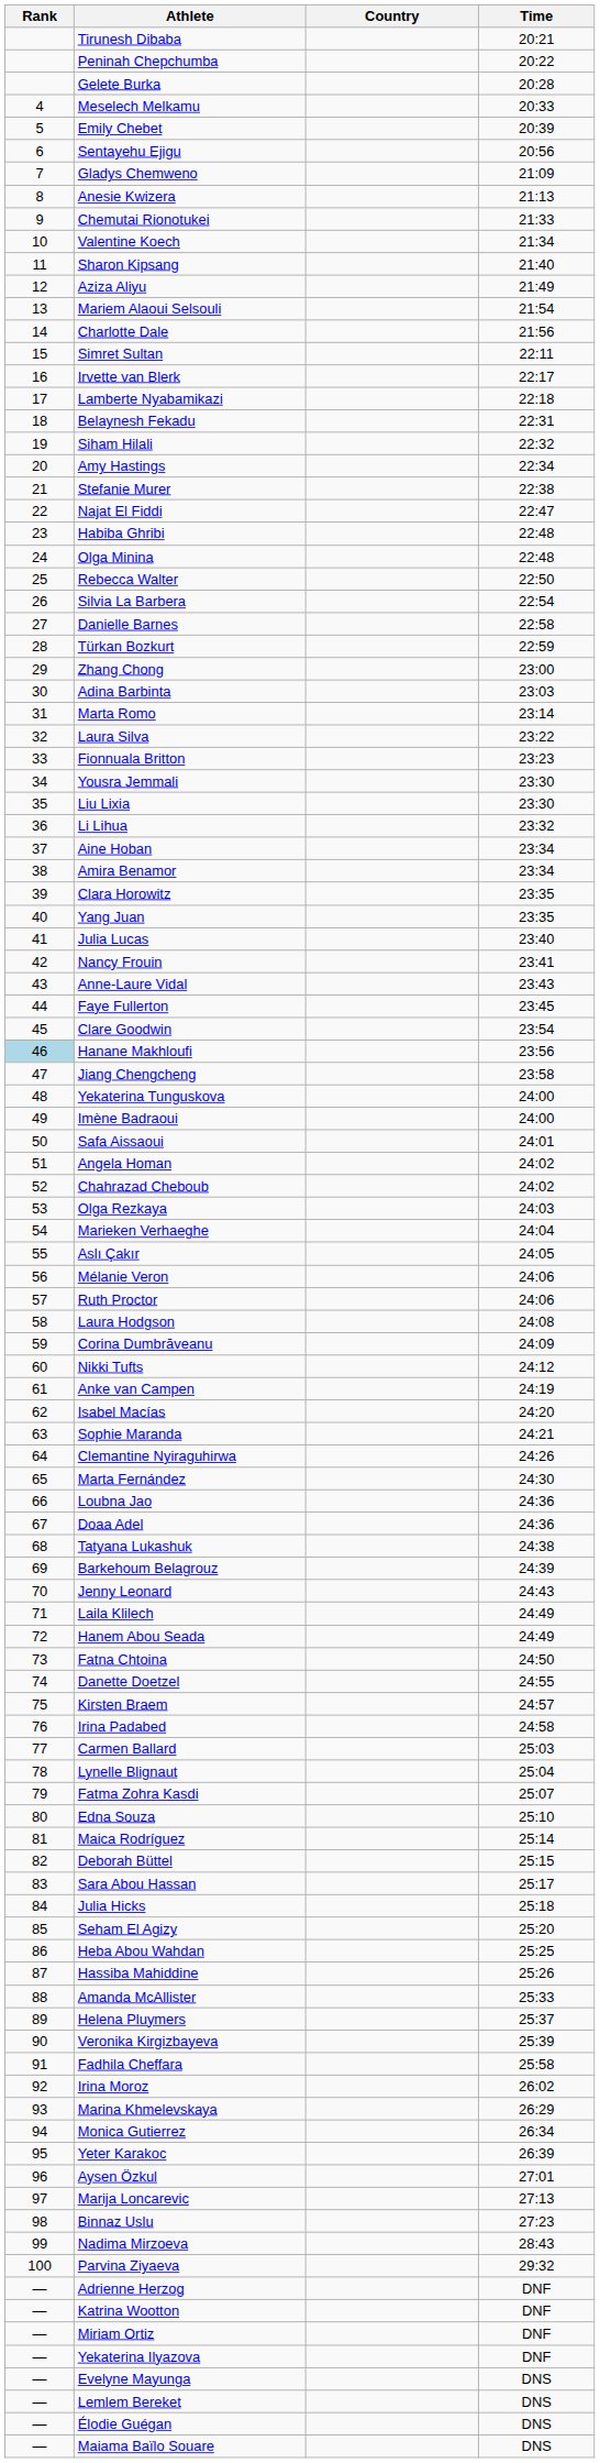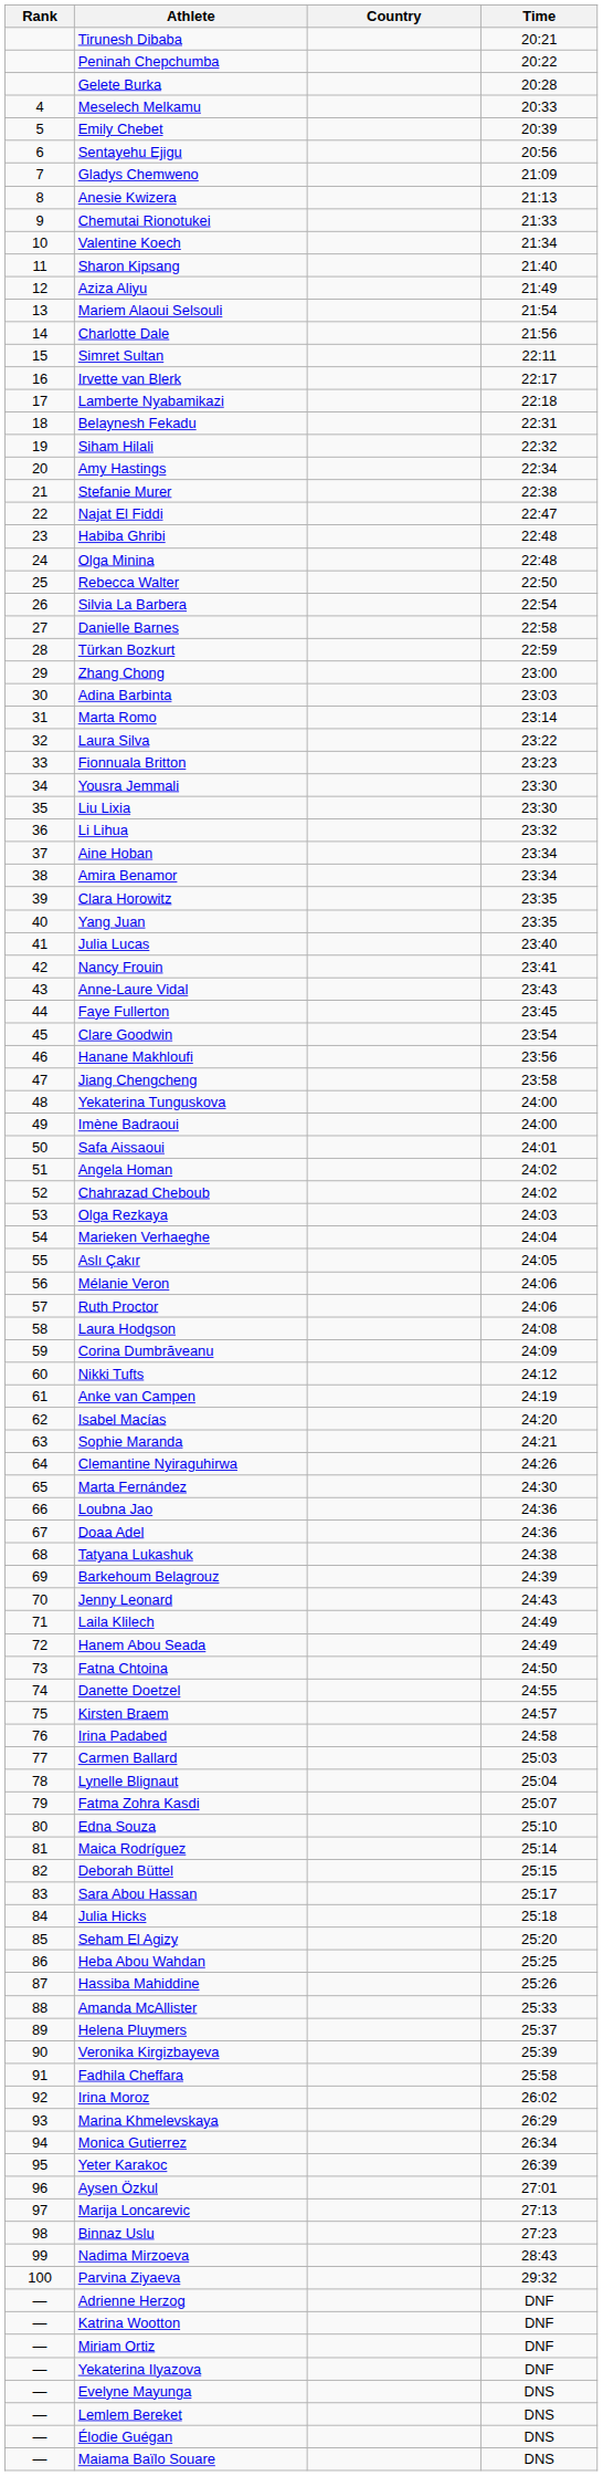 <table class="wikitable sortable" style=" text-align:center; font-size:95%;" width="50%">
 <tr>
 <th width=5%>Rank</th>
 <th width=20%>Athlete</th>
 <th width=15%>Country</th>
 <th width=10%>Time</th>
 </tr>
 <tr>
 <td align=center></td>
 <td align=left><a href='#'>Tirunesh Dibaba</a></td>
 <td align=left></td>
 <td>20:21</td>
 </tr>
 <tr>
 <td align=center></td>
 <td align=left><a href='#'>Peninah Chepchumba</a></td>
 <td align=left></td>
 <td>20:22</td>
 </tr>
 <tr>
 <td align=center></td>
 <td align=left><a href='#'>Gelete Burka</a></td>
 <td align=left></td>
 <td>20:28</td>
 </tr>
 <tr>
 <td align=center>4</td>
 <td align=left><a href='#'>Meselech Melkamu</a></td>
 <td align=left></td>
 <td>20:33</td>
 </tr>
 <tr>
 <td align=center>5</td>
 <td align=left><a href='#'>Emily Chebet</a></td>
 <td align=left></td>
 <td>20:39</td>
 </tr>
 <tr>
 <td align=center>6</td>
 <td align=left><a href='#'>Sentayehu Ejigu</a></td>
 <td align=left></td>
 <td>20:56</td>
 </tr>
 <tr>
 <td align=center>7</td>
 <td align=left><a href='#'>Gladys Chemweno</a></td>
 <td align=left></td>
 <td>21:09</td>
 </tr>
 <tr>
 <td align=center>8</td>
 <td align=left><a href='#'>Anesie Kwizera</a></td>
 <td align=left></td>
 <td>21:13</td>
 </tr>
 <tr>
 <td align=center>9</td>
 <td align=left><a href='#'>Chemutai Rionotukei</a></td>
 <td align=left></td>
 <td>21:33</td>
 </tr>
 <tr>
 <td align=center>10</td>
 <td align=left><a href='#'>Valentine Koech</a></td>
 <td align=left></td>
 <td>21:34</td>
 </tr>
 <tr>
 <td align=center>11</td>
 <td align=left><a href='#'>Sharon Kipsang</a></td>
 <td align=left></td>
 <td>21:40</td>
 </tr>
 <tr>
 <td align=center>12</td>
 <td align=left><a href='#'>Aziza Aliyu</a></td>
 <td align=left></td>
 <td>21:49</td>
 </tr>
 <tr>
 <td align=center>13</td>
 <td align=left><a href='#'>Mariem Alaoui Selsouli</a></td>
 <td align=left></td>
 <td>21:54</td>
 </tr>
 <tr>
 <td align=center>14</td>
 <td align=left><a href='#'>Charlotte Dale</a></td>
 <td align=left></td>
 <td>21:56</td>
 </tr>
 <tr>
 <td align=center>15</td>
 <td align=left><a href='#'>Simret Sultan</a></td>
 <td align=left></td>
 <td>22:11</td>
 </tr>
 <tr>
 <td align=center>16</td>
 <td align=left><a href='#'>Irvette van Blerk</a></td>
 <td align=left></td>
 <td>22:17</td>
 </tr>
 <tr>
 <td align=center>17</td>
 <td align=left><a href='#'>Lamberte Nyabamikazi</a></td>
 <td align=left></td>
 <td>22:18</td>
 </tr>
 <tr>
 <td align=center>18</td>
 <td align=left><a href='#'>Belaynesh Fekadu</a></td>
 <td align=left></td>
 <td>22:31</td>
 </tr>
 <tr>
 <td align=center>19</td>
 <td align=left><a href='#'>Siham Hilali</a></td>
 <td align=left></td>
 <td>22:32</td>
 </tr>
 <tr>
 <td align=center>20</td>
 <td align=left><a href='#'>Amy Hastings</a></td>
 <td align=left></td>
 <td>22:34</td>
 </tr>
 <tr>
 <td align=center>21</td>
 <td align=left><a href='#'>Stefanie Murer</a></td>
 <td align=left></td>
 <td>22:38</td>
 </tr>
 <tr>
 <td align=center>22</td>
 <td align=left><a href='#'>Najat El Fiddi</a></td>
 <td align=left></td>
 <td>22:47</td>
 </tr>
 <tr>
 <td align=center>23</td>
 <td align=left><a href='#'>Habiba Ghribi</a></td>
 <td align=left></td>
 <td>22:48</td>
 </tr>
 <tr>
 <td align=center>24</td>
 <td align=left><a href='#'>Olga Minina</a></td>
 <td align=left></td>
 <td>22:48</td>
 </tr>
 <tr>
 <td align=center>25</td>
 <td align=left><a href='#'>Rebecca Walter</a></td>
 <td align=left></td>
 <td>22:50</td>
 </tr>
 <tr>
 <td align=center>26</td>
 <td align=left><a href='#'>Silvia La Barbera</a></td>
 <td align=left></td>
 <td>22:54</td>
 </tr>
 <tr>
 <td align=center>27</td>
 <td align=left><a href='#'>Danielle Barnes</a></td>
 <td align=left></td>
 <td>22:58</td>
 </tr>
 <tr>
 <td align=center>28</td>
 <td align=left><a href='#'>Türkan Bozkurt</a></td>
 <td align=left></td>
 <td>22:59</td>
 </tr>
 <tr>
 <td align=center>29</td>
 <td align=left><a href='#'>Zhang Chong</a></td>
 <td align=left></td>
 <td>23:00</td>
 </tr>
 <tr>
 <td align=center>30</td>
 <td align=left><a href='#'>Adina Barbinta</a></td>
 <td align=left></td>
 <td>23:03</td>
 </tr>
 <tr>
 <td align=center>31</td>
 <td align=left><a href='#'>Marta Romo</a></td>
 <td align=left></td>
 <td>23:14</td>
 </tr>
 <tr>
 <td align=center>32</td>
 <td align=left><a href='#'>Laura Silva</a></td>
 <td align=left></td>
 <td>23:22</td>
 </tr>
 <tr>
 <td align=center>33</td>
 <td align=left><a href='#'>Fionnuala Britton</a></td>
 <td align=left></td>
 <td>23:23</td>
 </tr>
 <tr>
 <td align=center>34</td>
 <td align=left><a href='#'>Yousra Jemmali</a></td>
 <td align=left></td>
 <td>23:30</td>
 </tr>
 <tr>
 <td align=center>35</td>
 <td align=left><a href='#'>Liu Lixia</a></td>
 <td align=left></td>
 <td>23:30</td>
 </tr>
 <tr>
 <td align=center>36</td>
 <td align=left><a href='#'>Li Lihua</a></td>
 <td align=left></td>
 <td>23:32</td>
 </tr>
 <tr>
 <td align=center>37</td>
 <td align=left><a href='#'>Aine Hoban</a></td>
 <td align=left></td>
 <td>23:34</td>
 </tr>
 <tr>
 <td align=center>38</td>
 <td align=left><a href='#'>Amira Benamor</a></td>
 <td align=left></td>
 <td>23:34</td>
 </tr>
 <tr>
 <td align=center>39</td>
 <td align=left><a href='#'>Clara Horowitz</a></td>
 <td align=left></td>
 <td>23:35</td>
 </tr>
 <tr>
 <td align=center>40</td>
 <td align=left><a href='#'>Yang Juan</a></td>
 <td align=left></td>
 <td>23:35</td>
 </tr>
 <tr>
 <td align=center>41</td>
 <td align=left><a href='#'>Julia Lucas</a></td>
 <td align=left></td>
 <td>23:40</td>
 </tr>
 <tr>
 <td align=center>42</td>
 <td align=left><a href='#'>Nancy Frouin</a></td>
 <td align=left></td>
 <td>23:41</td>
 </tr>
 <tr>
 <td align=center>43</td>
 <td align=left><a href='#'>Anne-Laure Vidal</a></td>
 <td align=left></td>
 <td>23:43</td>
 </tr>
 <tr>
 <td align=center>44</td>
 <td align=left><a href='#'>Faye Fullerton</a></td>
 <td align=left></td>
 <td>23:45</td>
 </tr>
 <tr>
 <td align=center>45</td>
 <td align=left><a href='#'>Clare Goodwin</a></td>
 <td align=left></td>
 <td>23:54</td>
 </tr>
 <tr>
-<td align=center style="background: lightblue;">46</td>
+<td align=center>46</td>
 <td align=left><a href='#'>Hanane Makhloufi</a></td>
 <td align=left></td>
 <td>23:56</td>
 </tr>
 <tr>
 <td align=center>47</td>
 <td align=left><a href='#'>Jiang Chengcheng</a></td>
 <td align=left></td>
 <td>23:58</td>
 </tr>
 <tr>
 <td align=center>48</td>
 <td align=left><a href='#'>Yekaterina Tunguskova</a></td>
 <td align=left></td>
 <td>24:00</td>
 </tr>
 <tr>
 <td align=center>49</td>
 <td align=left><a href='#'>Imène Badraoui</a></td>
 <td align=left></td>
 <td>24:00</td>
 </tr>
 <tr>
 <td align=center>50</td>
 <td align=left><a href='#'>Safa Aissaoui</a></td>
 <td align=left></td>
 <td>24:01</td>
 </tr>
 <tr>
 <td align=center>51</td>
 <td align=left><a href='#'>Angela Homan</a></td>
 <td align=left></td>
 <td>24:02</td>
 </tr>
 <tr>
 <td align=center>52</td>
 <td align=left><a href='#'>Chahrazad Cheboub</a></td>
 <td align=left></td>
 <td>24:02</td>
 </tr>
 <tr>
 <td align=center>53</td>
 <td align=left><a href='#'>Olga Rezkaya</a></td>
 <td align=left></td>
 <td>24:03</td>
 </tr>
 <tr>
 <td align=center>54</td>
 <td align=left><a href='#'>Marieken Verhaeghe</a></td>
 <td align=left></td>
 <td>24:04</td>
 </tr>
 <tr>
 <td align=center>55</td>
 <td align=left><a href='#'>Aslı Çakır</a></td>
 <td align=left></td>
 <td>24:05</td>
 </tr>
 <tr>
 <td align=center>56</td>
 <td align=left><a href='#'>Mélanie Veron</a></td>
 <td align=left></td>
 <td>24:06</td>
 </tr>
 <tr>
 <td align=center>57</td>
 <td align=left><a href='#'>Ruth Proctor</a></td>
 <td align=left></td>
 <td>24:06</td>
 </tr>
 <tr>
 <td align=center>58</td>
 <td align=left><a href='#'>Laura Hodgson</a></td>
 <td align=left></td>
 <td>24:08</td>
 </tr>
 <tr>
 <td align=center>59</td>
 <td align=left><a href='#'>Corina Dumbrăveanu</a></td>
 <td align=left></td>
 <td>24:09</td>
 </tr>
 <tr>
 <td align=center>60</td>
 <td align=left><a href='#'>Nikki Tufts</a></td>
 <td align=left></td>
 <td>24:12</td>
 </tr>
 <tr>
 <td align=center>61</td>
 <td align=left><a href='#'>Anke van Campen</a></td>
 <td align=left></td>
 <td>24:19</td>
 </tr>
 <tr>
 <td align=center>62</td>
 <td align=left><a href='#'>Isabel Macías</a></td>
 <td align=left></td>
 <td>24:20</td>
 </tr>
 <tr>
 <td align=center>63</td>
 <td align=left><a href='#'>Sophie Maranda</a></td>
 <td align=left></td>
 <td>24:21</td>
 </tr>
 <tr>
 <td align=center>64</td>
 <td align=left><a href='#'>Clemantine Nyiraguhirwa</a></td>
 <td align=left></td>
 <td>24:26</td>
 </tr>
 <tr>
 <td align=center>65</td>
 <td align=left><a href='#'>Marta Fernández</a></td>
 <td align=left></td>
 <td>24:30</td>
 </tr>
 <tr>
 <td align=center>66</td>
 <td align=left><a href='#'>Loubna Jao</a></td>
 <td align=left></td>
 <td>24:36</td>
 </tr>
 <tr>
 <td align=center>67</td>
 <td align=left><a href='#'>Doaa Adel</a></td>
 <td align=left></td>
 <td>24:36</td>
 </tr>
 <tr>
 <td align=center>68</td>
 <td align=left><a href='#'>Tatyana Lukashuk</a></td>
 <td align=left></td>
 <td>24:38</td>
 </tr>
 <tr>
 <td align=center>69</td>
 <td align=left><a href='#'>Barkehoum Belagrouz</a></td>
 <td align=left></td>
 <td>24:39</td>
 </tr>
 <tr>
 <td align=center>70</td>
 <td align=left><a href='#'>Jenny Leonard</a></td>
 <td align=left></td>
 <td>24:43</td>
 </tr>
 <tr>
 <td align=center>71</td>
 <td align=left><a href='#'>Laila Klilech</a></td>
 <td align=left></td>
 <td>24:49</td>
 </tr>
 <tr>
 <td align=center>72</td>
 <td align=left><a href='#'>Hanem Abou Seada</a></td>
 <td align=left></td>
 <td>24:49</td>
 </tr>
 <tr>
 <td align=center>73</td>
 <td align=left><a href='#'>Fatna Chtoina</a></td>
 <td align=left></td>
 <td>24:50</td>
 </tr>
 <tr>
 <td align=center>74</td>
 <td align=left><a href='#'>Danette Doetzel</a></td>
 <td align=left></td>
 <td>24:55</td>
 </tr>
 <tr>
 <td align=center>75</td>
 <td align=left><a href='#'>Kirsten Braem</a></td>
 <td align=left></td>
 <td>24:57</td>
 </tr>
 <tr>
 <td align=center>76</td>
 <td align=left><a href='#'>Irina Padabed</a></td>
 <td align=left></td>
 <td>24:58</td>
 </tr>
 <tr>
 <td align=center>77</td>
 <td align=left><a href='#'>Carmen Ballard</a></td>
 <td align=left></td>
 <td>25:03</td>
 </tr>
 <tr>
 <td align=center>78</td>
 <td align=left><a href='#'>Lynelle Blignaut</a></td>
 <td align=left></td>
 <td>25:04</td>
 </tr>
 <tr>
 <td align=center>79</td>
 <td align=left><a href='#'>Fatma Zohra Kasdi</a></td>
 <td align=left></td>
 <td>25:07</td>
 </tr>
 <tr>
 <td align=center>80</td>
 <td align=left><a href='#'>Edna Souza</a></td>
 <td align=left></td>
 <td>25:10</td>
 </tr>
 <tr>
 <td align=center>81</td>
 <td align=left><a href='#'>Maica Rodríguez</a></td>
 <td align=left></td>
 <td>25:14</td>
 </tr>
 <tr>
 <td align=center>82</td>
 <td align=left><a href='#'>Deborah Büttel</a></td>
 <td align=left></td>
 <td>25:15</td>
 </tr>
 <tr>
 <td align=center>83</td>
 <td align=left><a href='#'>Sara Abou Hassan</a></td>
 <td align=left></td>
 <td>25:17</td>
 </tr>
 <tr>
 <td align=center>84</td>
 <td align=left><a href='#'>Julia Hicks</a></td>
 <td align=left></td>
 <td>25:18</td>
 </tr>
 <tr>
 <td align=center>85</td>
 <td align=left><a href='#'>Seham El Agizy</a></td>
 <td align=left></td>
 <td>25:20</td>
 </tr>
 <tr>
 <td align=center>86</td>
 <td align=left><a href='#'>Heba Abou Wahdan</a></td>
 <td align=left></td>
 <td>25:25</td>
 </tr>
 <tr>
 <td align=center>87</td>
 <td align=left><a href='#'>Hassiba Mahiddine</a></td>
 <td align=left></td>
 <td>25:26</td>
 </tr>
 <tr>
 <td align=center>88</td>
 <td align=left><a href='#'>Amanda McAllister</a></td>
 <td align=left></td>
 <td>25:33</td>
 </tr>
 <tr>
 <td align=center>89</td>
 <td align=left><a href='#'>Helena Pluymers</a></td>
 <td align=left></td>
 <td>25:37</td>
 </tr>
 <tr>
 <td align=center>90</td>
 <td align=left><a href='#'>Veronika Kirgizbayeva</a></td>
 <td align=left></td>
 <td>25:39</td>
 </tr>
 <tr>
 <td align=center>91</td>
 <td align=left><a href='#'>Fadhila Cheffara</a></td>
 <td align=left></td>
 <td>25:58</td>
 </tr>
 <tr>
 <td align=center>92</td>
 <td align=left><a href='#'>Irina Moroz</a></td>
 <td align=left></td>
 <td>26:02</td>
 </tr>
 <tr>
 <td align=center>93</td>
 <td align=left><a href='#'>Marina Khmelevskaya</a></td>
 <td align=left></td>
 <td>26:29</td>
 </tr>
 <tr>
 <td align=center>94</td>
 <td align=left><a href='#'>Monica Gutierrez</a></td>
 <td align=left></td>
 <td>26:34</td>
 </tr>
 <tr>
 <td align=center>95</td>
 <td align=left><a href='#'>Yeter Karakoc</a></td>
 <td align=left></td>
 <td>26:39</td>
 </tr>
 <tr>
 <td align=center>96</td>
 <td align=left><a href='#'>Aysen Özkul</a></td>
 <td align=left></td>
 <td>27:01</td>
 </tr>
 <tr>
 <td align=center>97</td>
 <td align=left><a href='#'>Marija Loncarevic</a></td>
 <td align=left></td>
 <td>27:13</td>
 </tr>
 <tr>
 <td align=center>98</td>
 <td align=left><a href='#'>Binnaz Uslu</a></td>
 <td align=left></td>
 <td>27:23</td>
 </tr>
 <tr>
 <td align=center>99</td>
 <td align=left><a href='#'>Nadima Mirzoeva</a></td>
 <td align=left></td>
 <td>28:43</td>
 </tr>
 <tr>
 <td align=center>100</td>
 <td align=left><a href='#'>Parvina Ziyaeva</a></td>
 <td align=left></td>
 <td>29:32</td>
 </tr>
 <tr>
 <td align=center>—</td>
 <td align=left><a href='#'>Adrienne Herzog</a></td>
 <td align=left></td>
 <td>DNF</td>
 </tr>
 <tr>
 <td align=center>—</td>
 <td align=left><a href='#'>Katrina Wootton</a></td>
 <td align=left></td>
 <td>DNF</td>
 </tr>
 <tr>
 <td align=center>—</td>
 <td align=left><a href='#'>Miriam Ortiz</a></td>
 <td align=left></td>
 <td>DNF</td>
 </tr>
 <tr>
 <td align=center>—</td>
 <td align=left><a href='#'>Yekaterina Ilyazova</a></td>
 <td align=left></td>
 <td>DNF</td>
 </tr>
 <tr>
 <td align=center>—</td>
 <td align=left><a href='#'>Evelyne Mayunga</a></td>
 <td align=left></td>
 <td>DNS</td>
 </tr>
 <tr>
 <td align=center>—</td>
 <td align=left><a href='#'>Lemlem Bereket</a></td>
 <td align=left></td>
 <td>DNS</td>
 </tr>
 <tr>
 <td align=center>—</td>
 <td align=left><a href='#'>Élodie Guégan</a></td>
 <td align=left></td>
 <td>DNS</td>
 </tr>
 <tr>
 <td align=center>—</td>
 <td align=left><a href='#'>Maiama Baïlo Souare</a></td>
 <td align=left></td>
 <td>DNS</td>
 </tr>
 </table>
